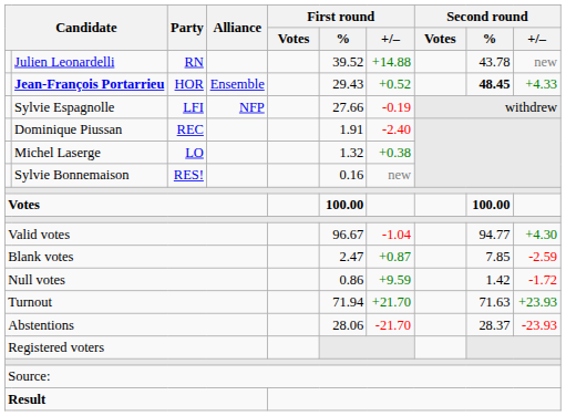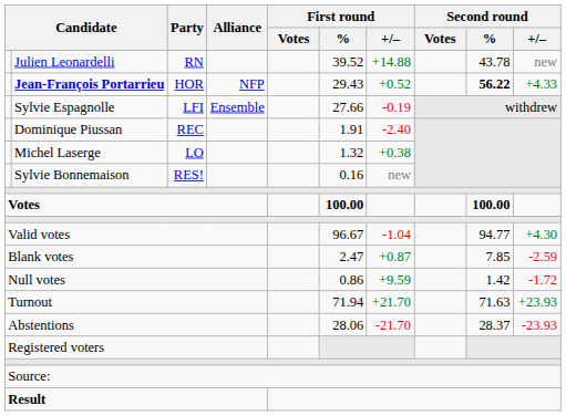 <table class="wikitable" style="text-align:right;font-size:95%;">
 <tr>
 <th rowspan="2" colspan="2">Candidate</th>
 <th colspan="1" rowspan="2">Party</th>
 <th colspan="1" rowspan="2">Alliance</th>
 <th colspan="3">First round</th>
 <th colspan="3">Second round</th>
 </tr>
 <tr>
 <th style="width:50px;">Votes</th>
 <th style="width:45px;">%</th>
 <th style="width:45px;">+/–</th>
 <th style="width:50px;">Votes</th>
 <th style="width:45px;">%</th>
 <th style="width:45px;">+/–</th>
 </tr>
 <tr>
 <td style="color:inherit;background:"></td>
 <td style="text-align:left;"><a href='#'>Julien Leonardelli</a></td>
 <td><a href='#'>RN</a></td>
 <td></td>
 <td></td>
 <td>39.52</td>
 <td style="color:green;">+14.88</td>
 <td></td>
 <td>43.78</td>
 <td style="color:grey;">new</td>
 </tr>
 <tr>
 <td style="color:inherit;background:"></td>
 <td style="text-align:left;"><strong><a href='#'>Jean-François Portarrieu</a></strong></td>
 <td><a href='#'>HOR</a></td>
-<td><a href='#'>Ensemble</a></td>
+<td><a href='#'>NFP</a></td>
 <td></td>
 <td>29.43</td>
 <td style="color:green;">+0.52</td>
 <td><strong></strong></td>
-<td><strong>48.45</strong></td>
+<td><strong>56.22</strong></td>
 <td style="color:green;">+4.33</td>
 </tr>
 <tr>
 <td style="color:inherit;background:"></td>
 <td style="text-align:left;">Sylvie Espagnolle</td>
 <td><a href='#'>LFI</a></td>
-<td><a href='#'>NFP</a></td>
+<td><a href='#'>Ensemble</a></td>
 <td></td>
 <td>27.66</td>
 <td style="color:red;">-0.19</td>
 <td colspan="3" style="background:#E9E9E9;">withdrew</td>
 </tr>
 <tr>
 <td style="color:inherit;background:"></td>
 <td style="text-align:left;">Dominique Piussan</td>
 <td><a href='#'>REC</a></td>
 <td></td>
 <td></td>
 <td>1.91</td>
 <td style="color:red;">-2.40</td>
 <td colspan="3" rowspan="3" style="background:#E9E9E9;"></td>
 </tr>
 <tr>
 <td style="color:inherit;background:"></td>
 <td style="text-align:left;">Michel Laserge</td>
 <td><a href='#'>LO</a></td>
 <td></td>
 <td></td>
 <td>1.32</td>
 <td style="color:green;">+0.38</td>
 </tr>
 <tr>
 <td style="color:inherit;background:"></td>
 <td style="text-align:left;">Sylvie Bonnemaison</td>
 <td><a href='#'>RES!</a></td>
 <td></td>
 <td></td>
 <td>0.16</td>
 <td style="color:grey;">new</td>
 </tr>
 <tr>
 <td colspan="10" style="background:#E9E9E9;"></td>
 </tr>
 <tr style="font-weight:bold;">
 <td colspan="4" style="text-align:left;">Votes</td>
 <td></td>
 <td>100.00</td>
 <td></td>
 <td></td>
 <td>100.00</td>
 <td></td>
 </tr>
 <tr>
 <td colspan="10" style="background:#E9E9E9;"></td>
 </tr>
 <tr>
 <td colspan="4" style="text-align:left;">Valid votes</td>
 <td></td>
 <td>96.67</td>
 <td style="color:red;">-1.04</td>
 <td></td>
 <td>94.77</td>
 <td style="color:green;">+4.30</td>
 </tr>
 <tr>
 <td colspan="4" style="text-align:left;">Blank votes</td>
 <td></td>
 <td>2.47</td>
 <td style="color:green;">+0.87</td>
 <td></td>
 <td>7.85</td>
 <td style="color:red;">-2.59</td>
 </tr>
 <tr>
 <td colspan="4" style="text-align:left;">Null votes</td>
 <td></td>
 <td>0.86</td>
 <td style="color:green;">+9.59</td>
 <td></td>
 <td>1.42</td>
 <td style="color:red;">-1.72</td>
 </tr>
 <tr>
 <td colspan="4" style="text-align:left;">Turnout</td>
 <td></td>
 <td>71.94</td>
 <td style="color:green;">+21.70</td>
 <td></td>
 <td>71.63</td>
 <td style="color:green;">+23.93</td>
 </tr>
 <tr>
 <td colspan="4" style="text-align:left;">Abstentions</td>
 <td></td>
 <td>28.06</td>
 <td style="color:red;">-21.70</td>
 <td></td>
 <td>28.37</td>
 <td style="color:red;">-23.93</td>
 </tr>
 <tr>
 <td colspan="4" style="text-align:left;">Registered voters</td>
 <td></td>
 <td colspan="2" style="background:#E9E9E9;"></td>
 <td></td>
 <td colspan="2" style="background:#E9E9E9;"></td>
 </tr>
 <tr>
 <td colspan="10" style="background:#E9E9E9;"></td>
 </tr>
 <tr>
 <td colspan="10" style="text-align:left;">Source: </td>
 </tr>
 <tr style="font-weight:bold">
 <td colspan="4" style="text-align:left;">Result</td>
 <td colspan="6" style="background-color:"></td>
 </tr>
 </table>
